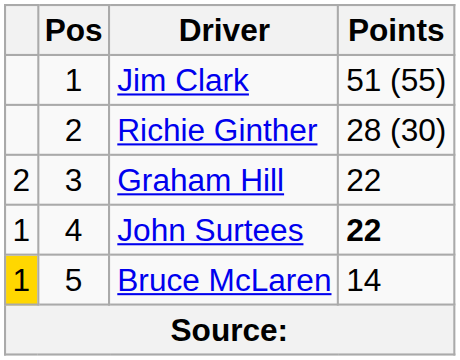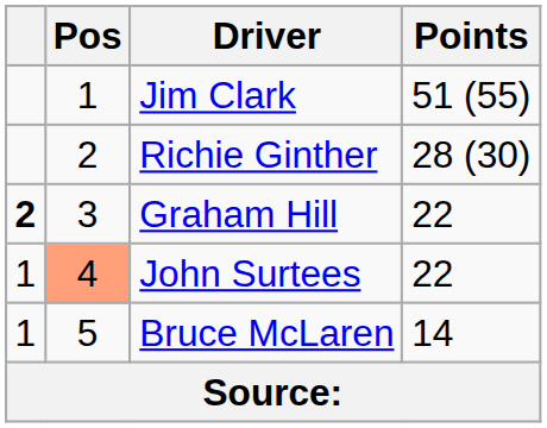 <table class="wikitable" style="font-size: 95%;">
 <tr>
 <th></th>
 <th>Pos</th>
 <th>Driver</th>
 <th>Points</th>
 </tr>
 <tr>
 <td align="left"></td>
 <td align="center">1</td>
 <td> <a href='#'>Jim Clark</a></td>
 <td align=left>51 (55)</td>
 </tr>
 <tr>
 <td align="left"></td>
 <td align="center">2</td>
 <td> <a href='#'>Richie Ginther</a></td>
 <td align=left>28 (30)</td>
 </tr>
 <tr>
-<td align="left"> 2</td>
+<td align="left"><strong> 2</strong></td>
 <td align="center">3</td>
 <td> <a href='#'>Graham Hill</a></td>
 <td align=left>22</td>
 </tr>
 <tr>
 <td align="left"> 1</td>
-<td align="center">4</td>
+<td align="center" style="background: lightsalmon;">4</td>
 <td> <a href='#'>John Surtees</a></td>
-<td align=left><strong>22</strong></td>
+<td align=left>22</td>
 </tr>
 <tr>
-<td align="left" style="background: gold;"> 1</td>
+<td align="left"> 1</td>
 <td align="center">5</td>
 <td> <a href='#'>Bruce McLaren</a></td>
 <td align=left>14</td>
 </tr>
 <tr>
 <th colspan=4>Source:</th>
 </tr>
 </table>
